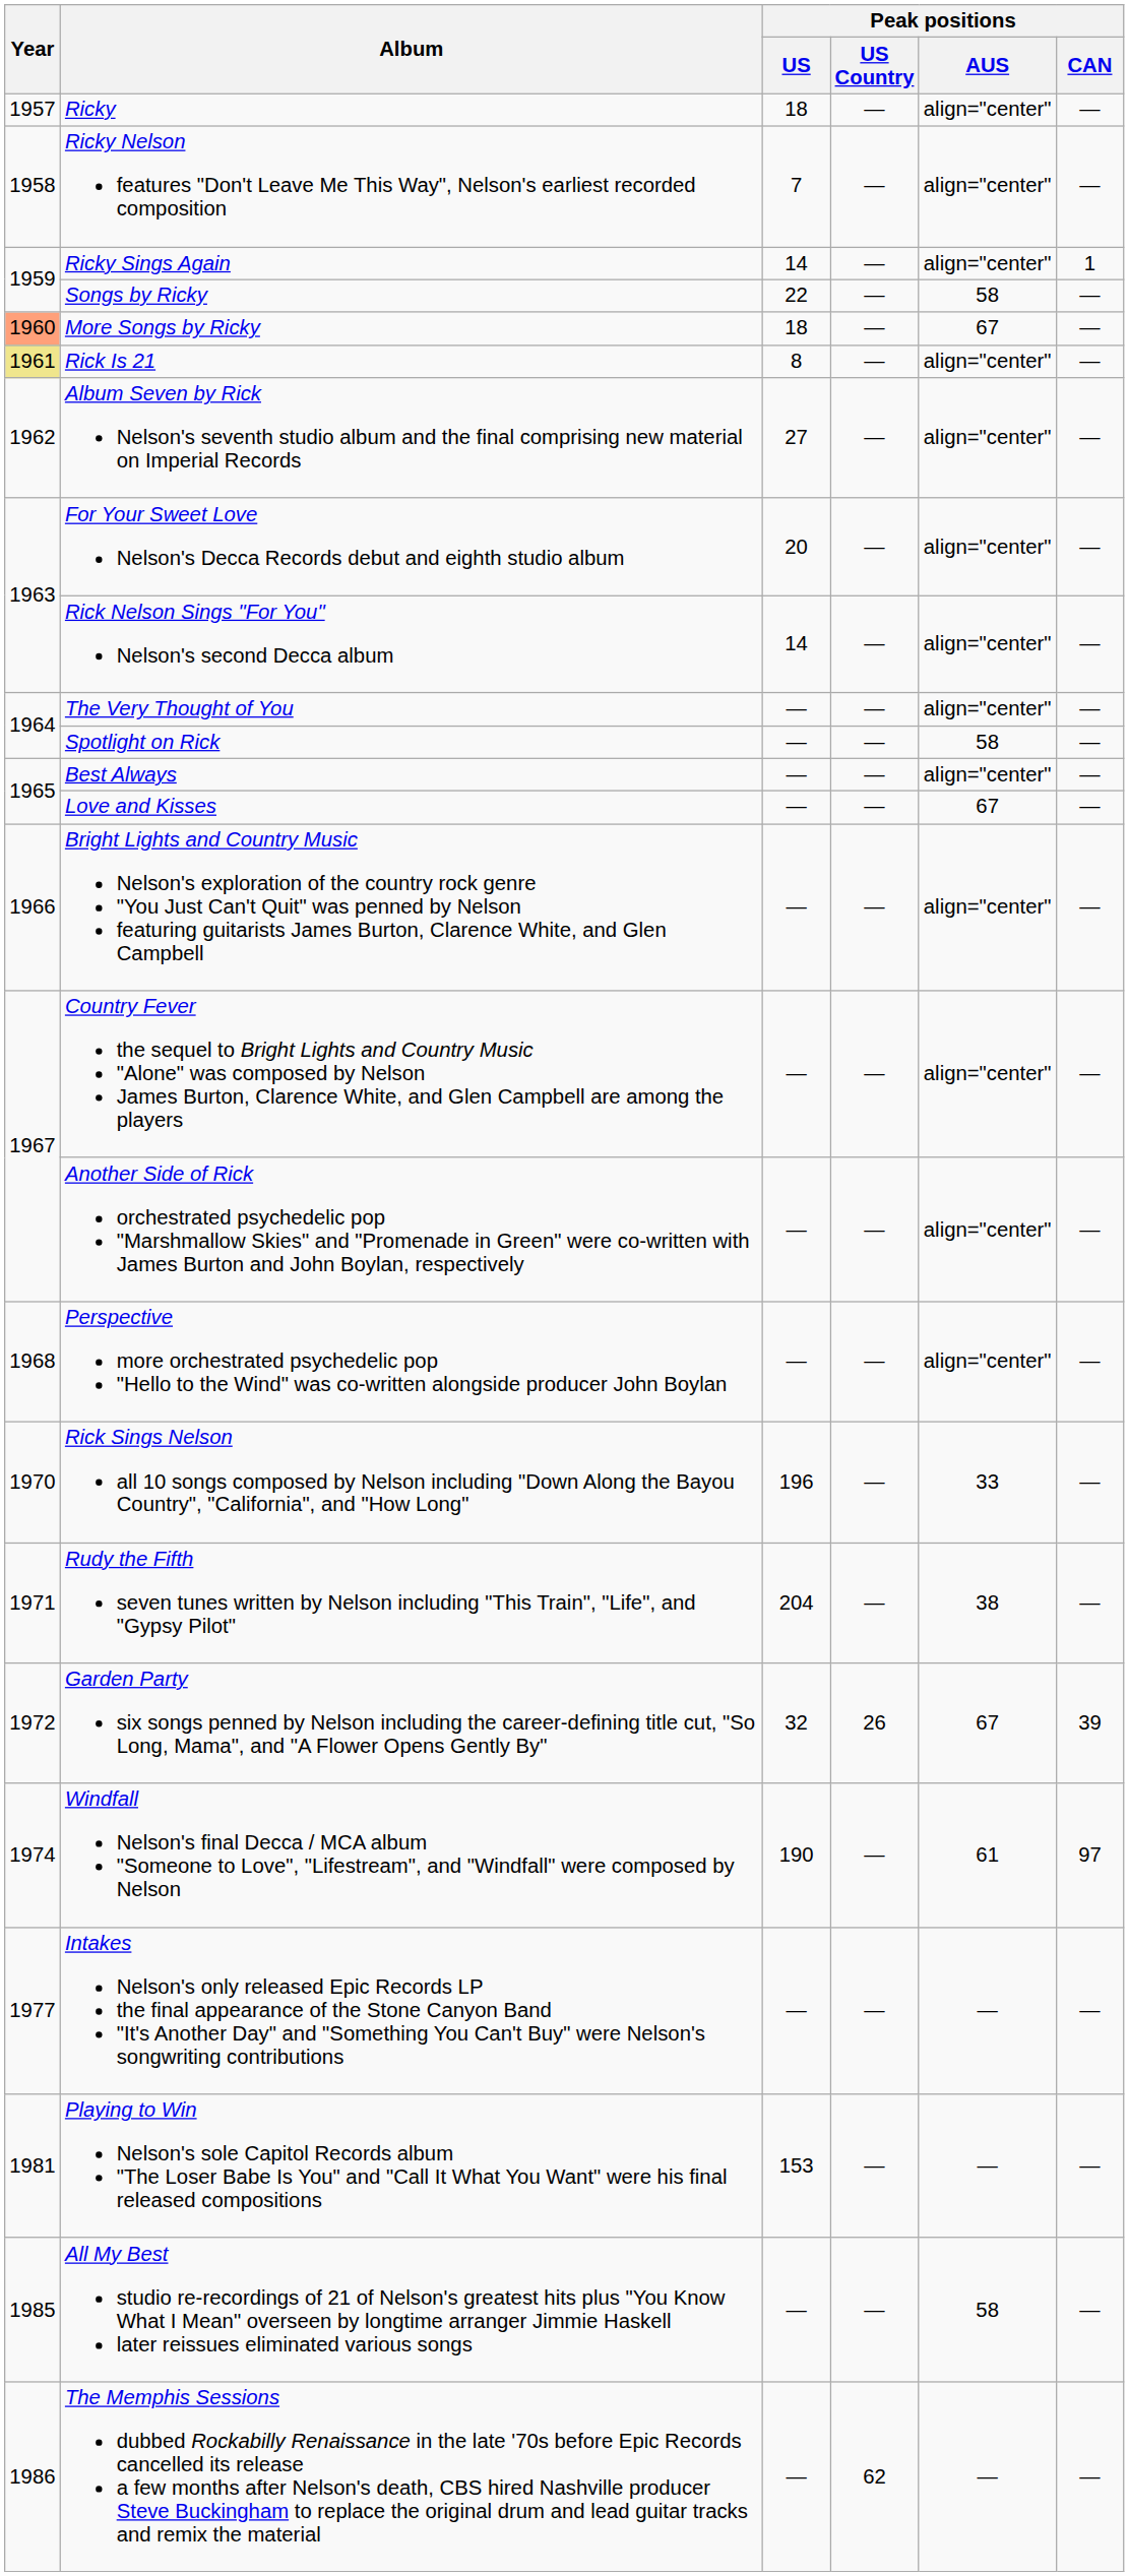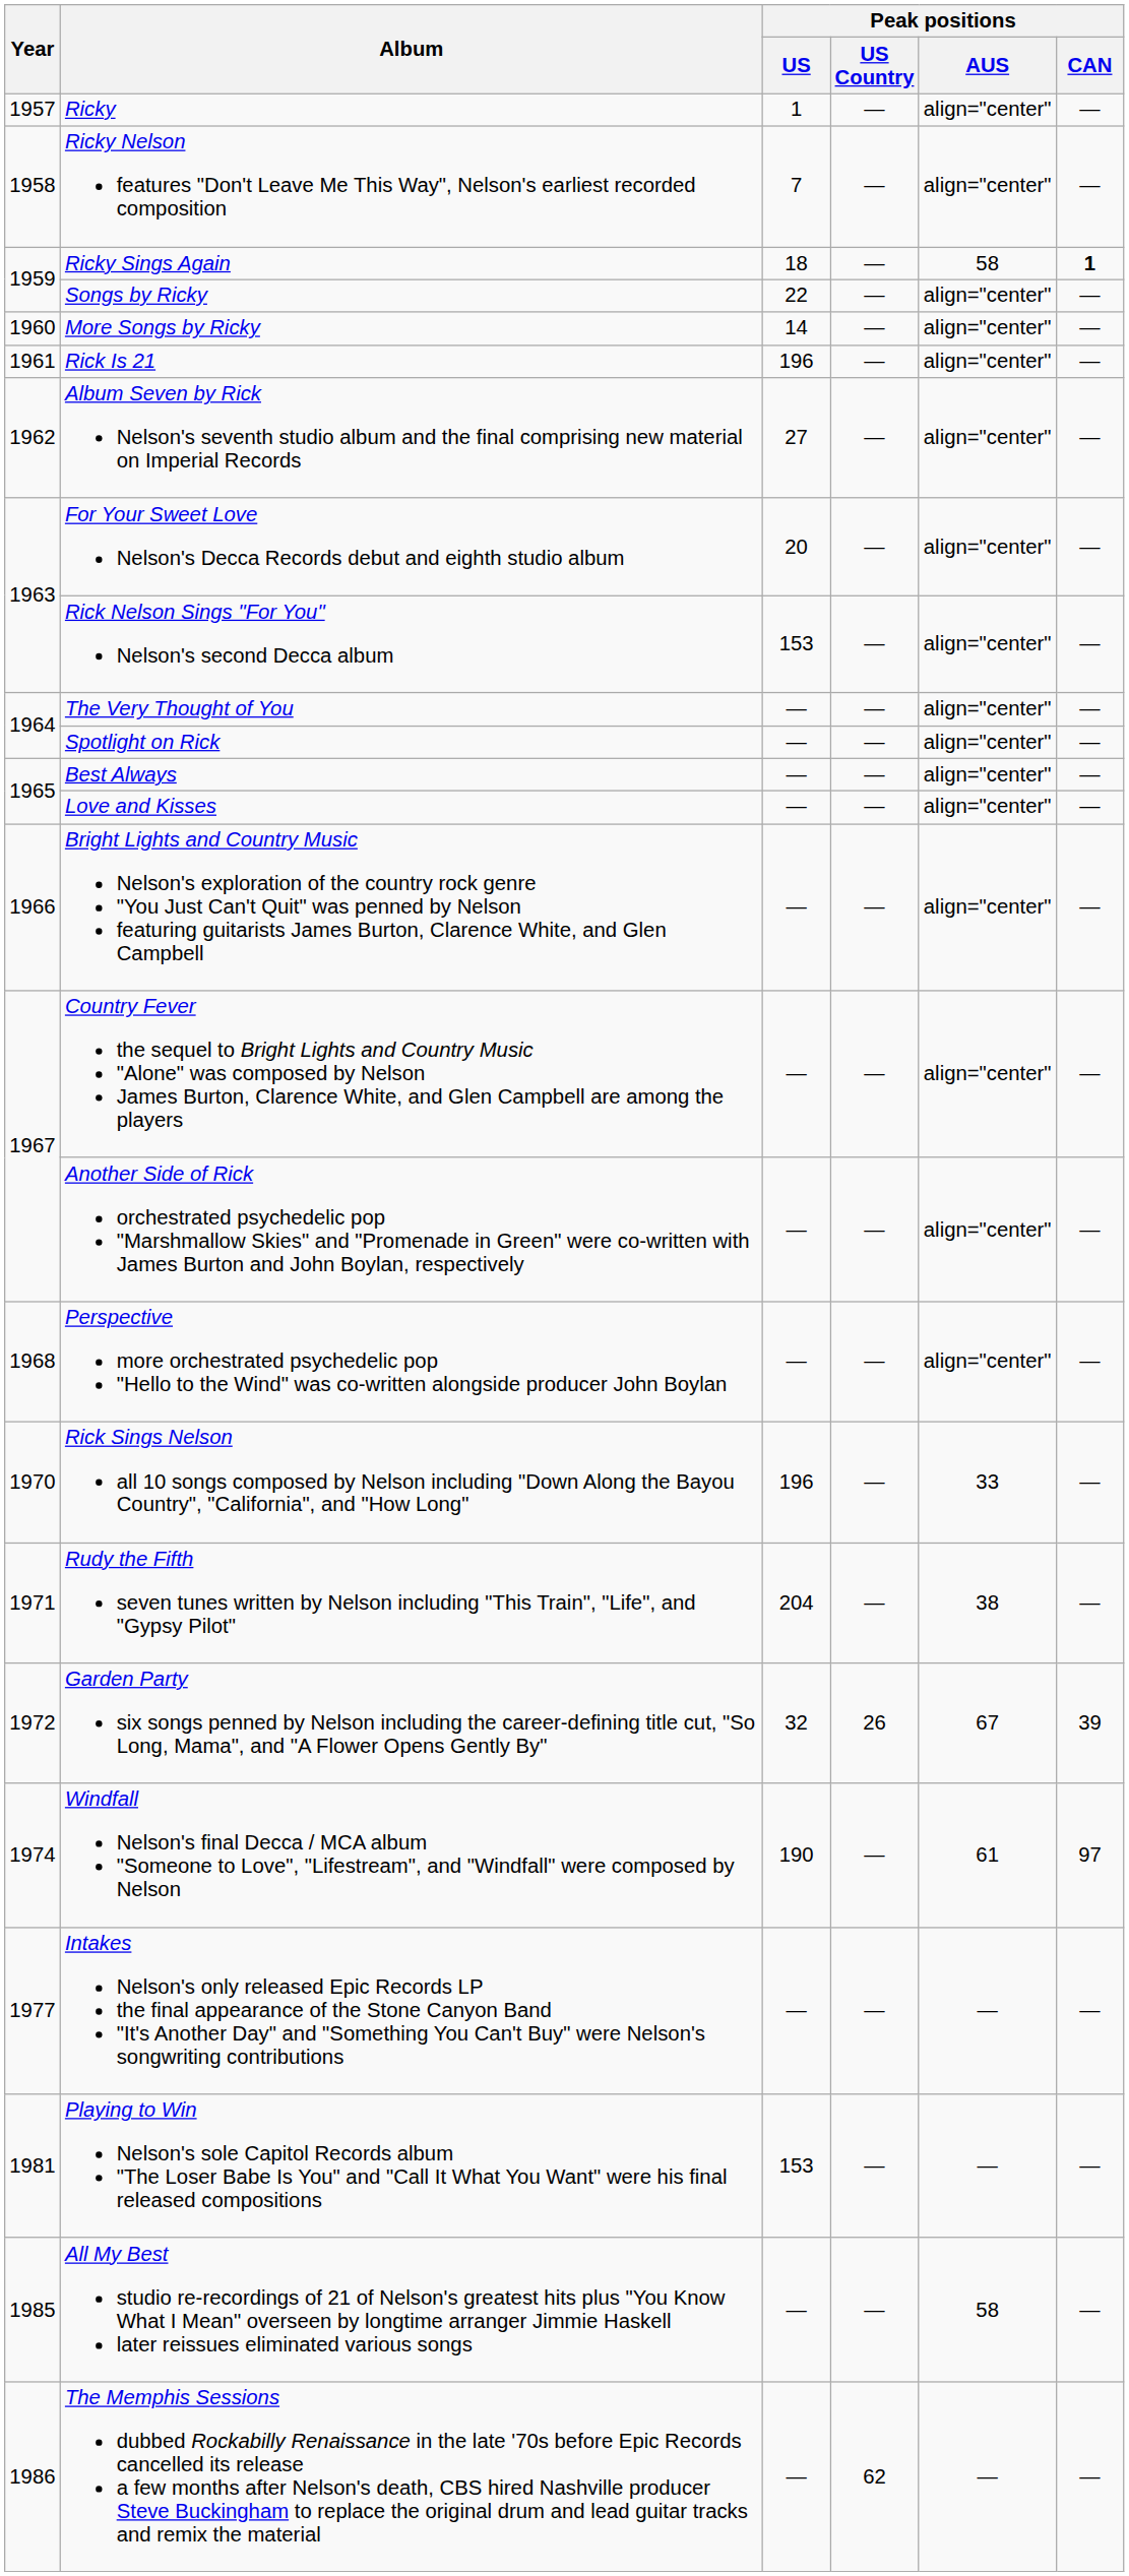 <table class="wikitable">
 <tr>
 <th rowspan="2">Year</th>
 <th rowspan="2">Album</th>
 <th colspan="4">Peak positions</th>
 </tr>
 <tr>
 <th width="45"><a href='#'>US</a></th>
 <th width="45"><a href='#'>US Country</a></th>
 <th width="45"><a href='#'>AUS</a></th>
 <th width="45"><a href='#'>CAN</a></th>
 </tr>
 <tr>
 <td>1957</td>
 <td><em><a href='#'>Ricky</a></em></td>
-<td align="center">18</td>
+<td align="center">1</td>
 <td align="center">—</td>
 <td>align="center" </td>
 <td align="center">—</td>
 </tr>
 <tr>
 <td>1958</td>
 <td><em><a href='#'>Ricky Nelson</a></em><br><ul><li>features "Don't Leave Me This Way", Nelson's earliest recorded composition</li></ul></td>
 <td align="center">7</td>
 <td align="center">—</td>
 <td>align="center" </td>
 <td align="center">—</td>
 </tr>
 <tr>
 <td rowspan="2">1959</td>
 <td><em><a href='#'>Ricky Sings Again</a></em></td>
-<td align="center">14</td>
+<td align="center">18</td>
 <td align="center">—</td>
-<td>align="center" </td>
-<td align="center">1</td>
+<td align="center">58</td>
+<td align="center"><strong>1</strong></td>
 </tr>
 <tr>
 <td><em><a href='#'>Songs by Ricky</a></em></td>
 <td align="center">22</td>
 <td align="center">—</td>
-<td align="center">58</td>
+<td>align="center" </td>
 <td align="center">—</td>
 </tr>
 <tr>
-<td style="background: lightsalmon;">1960</td>
+<td>1960</td>
 <td><em><a href='#'>More Songs by Ricky</a></em></td>
-<td align="center">18</td>
+<td align="center">14</td>
 <td align="center">—</td>
-<td align="center">67</td>
+<td>align="center" </td>
 <td align="center">—</td>
 </tr>
 <tr>
-<td style="background: khaki;">1961</td>
+<td>1961</td>
 <td><em><a href='#'>Rick Is 21</a></em></td>
-<td align="center">8</td>
+<td align="center">196</td>
 <td align="center">—</td>
 <td>align="center" </td>
 <td align="center">—</td>
 </tr>
 <tr>
 <td>1962</td>
 <td><em><a href='#'>Album Seven by Rick</a></em><br><ul><li>Nelson's seventh studio album and the final comprising new material on Imperial Records</li></ul></td>
 <td align="center">27</td>
 <td align="center">—</td>
 <td>align="center" </td>
 <td align="center">—</td>
 </tr>
 <tr>
 <td rowspan="2">1963</td>
 <td><em><a href='#'>For Your Sweet Love</a></em><br><ul><li>Nelson's Decca Records debut and eighth studio album</li></ul></td>
 <td align="center">20</td>
 <td align="center">—</td>
 <td>align="center" </td>
 <td align="center">—</td>
 </tr>
 <tr>
 <td><em><a href='#'>Rick Nelson Sings "For You"</a></em><br><ul><li>Nelson's second Decca album</li></ul></td>
-<td align="center">14</td>
+<td align="center">153</td>
 <td align="center">—</td>
 <td>align="center" </td>
 <td align="center">—</td>
 </tr>
 <tr>
 <td rowspan="2">1964</td>
 <td><em><a href='#'>The Very Thought of You</a></em></td>
 <td align="center">—</td>
 <td align="center">—</td>
 <td>align="center" </td>
 <td align="center">—</td>
 </tr>
 <tr>
 <td><em><a href='#'>Spotlight on Rick</a></em></td>
 <td align="center">—</td>
 <td align="center">—</td>
-<td align="center">58</td>
+<td>align="center" </td>
 <td align="center">—</td>
 </tr>
 <tr>
 <td rowspan="2">1965</td>
 <td><a href='#'><em>Best Always</em></a></td>
 <td align="center">—</td>
 <td align="center">—</td>
 <td>align="center" </td>
 <td align="center">—</td>
 </tr>
 <tr>
 <td><a href='#'><em>Love and Kisses</em></a></td>
 <td align="center">—</td>
 <td align="center">—</td>
-<td align="center">67</td>
+<td>align="center" </td>
 <td align="center">—</td>
 </tr>
 <tr>
 <td>1966</td>
 <td><a href='#'><em>Bright Lights and Country Music</em></a><br><ul><li>Nelson's exploration of the country rock genre</li><li>"You Just Can't Quit" was penned by Nelson</li><li>featuring guitarists James Burton, Clarence White, and Glen Campbell</li></ul></td>
 <td align="center">—</td>
 <td align="center">—</td>
 <td>align="center" </td>
 <td align="center">—</td>
 </tr>
 <tr>
 <td rowspan="2">1967</td>
 <td><em><a href='#'>Country Fever</a></em><br><ul><li>the sequel to <em>Bright Lights and Country Music</em></li><li>"Alone" was composed by Nelson</li><li>James Burton, Clarence White, and Glen Campbell are among the players</li></ul></td>
 <td align="center">—</td>
 <td align="center">—</td>
 <td>align="center" </td>
 <td align="center">—</td>
 </tr>
 <tr>
 <td><em><a href='#'>Another Side of Rick</a></em><br><ul><li>orchestrated psychedelic pop</li><li>"Marshmallow Skies" and "Promenade in Green" were co-written with James Burton and John Boylan, respectively</li></ul></td>
 <td align="center">—</td>
 <td align="center">—</td>
 <td>align="center" </td>
 <td align="center">—</td>
 </tr>
 <tr>
 <td>1968</td>
 <td><a href='#'><em>Perspective</em></a><br><ul><li>more orchestrated psychedelic pop</li><li>"Hello to the Wind" was co-written alongside producer John Boylan</li></ul></td>
 <td align="center">—</td>
 <td align="center">—</td>
 <td>align="center" </td>
 <td align="center">—</td>
 </tr>
 <tr>
 <td>1970</td>
 <td><em><a href='#'>Rick Sings Nelson</a></em><br><ul><li>all 10 songs composed by Nelson including "Down Along the Bayou Country", "California", and "How Long"</li></ul></td>
 <td align="center">196</td>
 <td align="center">—</td>
 <td align="center">33</td>
 <td align="center">—</td>
 </tr>
 <tr>
 <td>1971</td>
 <td><em><a href='#'>Rudy the Fifth</a></em><br><ul><li>seven tunes written by Nelson including "This Train", "Life", and "Gypsy Pilot"</li></ul></td>
 <td align="center">204</td>
 <td align="center">—</td>
 <td align="center">38</td>
 <td align="center">—</td>
 </tr>
 <tr>
 <td>1972</td>
 <td><em><a href='#'>Garden Party</a></em><br><ul><li>six songs penned by Nelson including the career-defining title cut, "So Long, Mama", and "A Flower Opens Gently By"</li></ul></td>
 <td align="center">32</td>
 <td align="center">26</td>
 <td align="center">67</td>
 <td align="center">39</td>
 </tr>
 <tr>
 <td>1974</td>
 <td><em><a href='#'>Windfall</a></em><br><ul><li>Nelson's final Decca / MCA album</li><li>"Someone to Love", "Lifestream", and "Windfall" were composed by Nelson</li></ul></td>
 <td align="center">190</td>
 <td align="center">—</td>
 <td align="center">61</td>
 <td align="center">97</td>
 </tr>
 <tr>
 <td>1977</td>
 <td><a href='#'><em>Intakes</em></a><br><ul><li>Nelson's only released Epic Records LP</li><li>the final appearance of the Stone Canyon Band</li><li>"It's Another Day" and "Something You Can't Buy" were Nelson's songwriting contributions</li></ul></td>
 <td align="center">—</td>
 <td align="center">—</td>
 <td align="center">—</td>
 <td align="center">—</td>
 </tr>
 <tr>
 <td>1981</td>
 <td><a href='#'><em>Playing to Win</em></a><br><ul><li>Nelson's sole Capitol Records album</li><li>"The Loser Babe Is You" and "Call It What You Want" were his final released compositions</li></ul></td>
 <td align="center">153</td>
 <td align="center">—</td>
 <td align="center">—</td>
 <td align="center">—</td>
 </tr>
 <tr>
 <td>1985</td>
 <td><em><a href='#'>All My Best</a></em><br><ul><li>studio re-recordings of 21 of Nelson's greatest hits plus "You Know What I Mean" overseen by longtime arranger Jimmie Haskell</li><li>later reissues eliminated various songs</li></ul></td>
 <td align="center">—</td>
 <td align="center">—</td>
 <td align="center">58</td>
 <td align="center">—</td>
 </tr>
 <tr>
 <td>1986</td>
 <td><a href='#'><em>The Memphis Sessions</em></a><br><ul><li>dubbed <em>Rockabilly Renaissance</em> in the late '70s before Epic Records cancelled its release</li><li>a few months after Nelson's death, CBS hired Nashville producer <a href='#'>Steve Buckingham</a> to replace the original drum and lead guitar tracks and remix the material</li></ul></td>
 <td align="center">—</td>
 <td align="center">62</td>
 <td align="center">—</td>
 <td align="center">—</td>
 </tr>
 </table>
